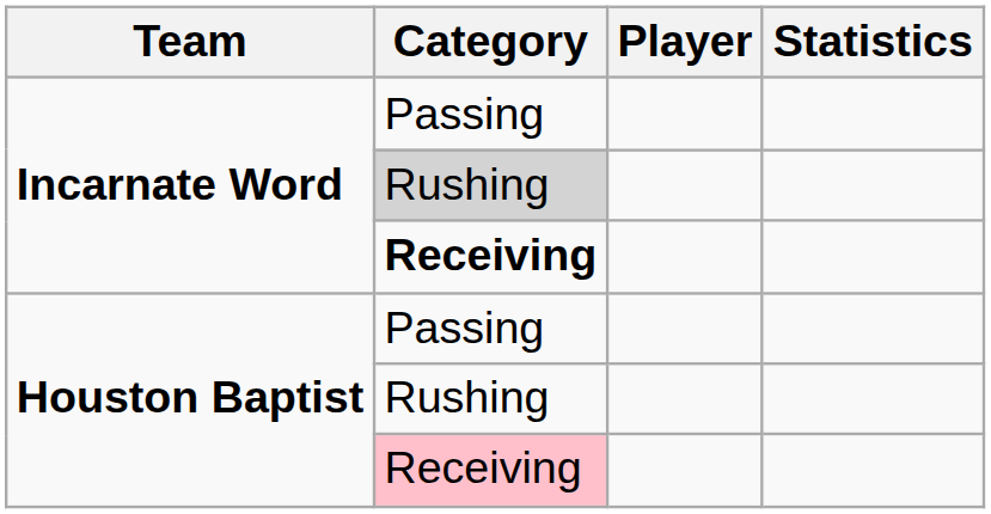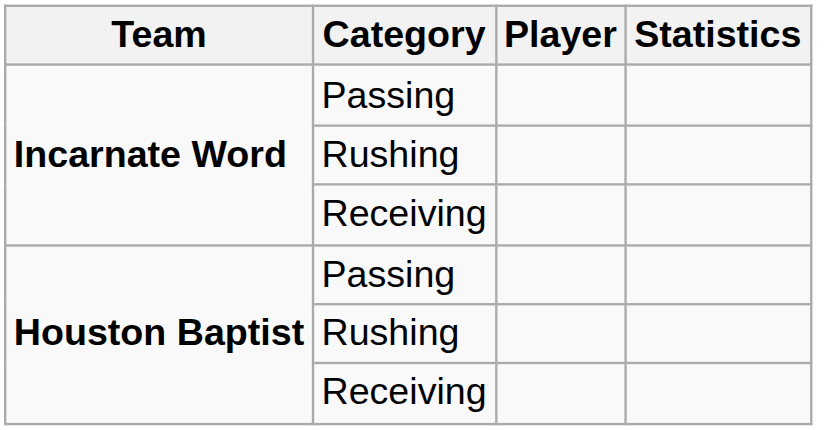 <table class="wikitable" style="float: left;">
 <tr>
 <th>Team</th>
 <th>Category</th>
 <th>Player</th>
 <th>Statistics</th>
 </tr>
 <tr>
 <td rowspan=3><strong>Incarnate Word</strong></td>
 <td>Passing</td>
 <td> </td>
 <td> </td>
 </tr>
 <tr>
-<td style="background: lightgrey;">Rushing</td>
+<td>Rushing</td>
 <td> </td>
 <td> </td>
 </tr>
 <tr>
-<td><strong>Receiving</strong></td>
+<td>Receiving</td>
 <td> </td>
 <td> </td>
 </tr>
 <tr>
 <td rowspan=3><strong>Houston Baptist</strong></td>
 <td>Passing</td>
 <td> </td>
 <td> </td>
 </tr>
 <tr>
 <td>Rushing</td>
 <td> </td>
 <td> </td>
 </tr>
 <tr>
-<td style="background: pink;">Receiving</td>
+<td>Receiving</td>
 <td> </td>
 <td> </td>
 </tr>
 </table>
